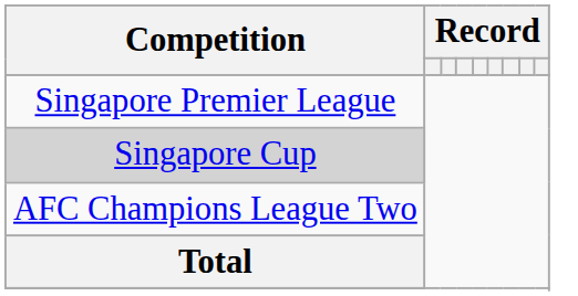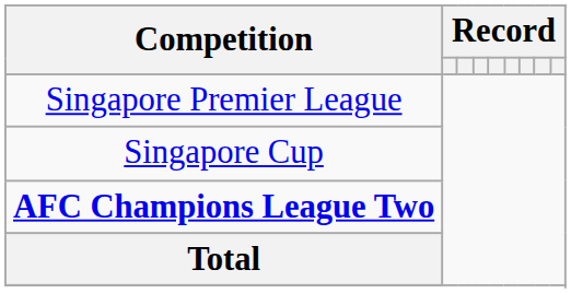 <table class="wikitable" style="text-align: center">
 <tr>
 <th rowspan=2>Competition</th>
 <th colspan=8>Record</th>
 </tr>
 <tr>
 <th></th>
 <th></th>
 <th></th>
 <th></th>
 <th></th>
 <th></th>
 <th></th>
 <th></th>
 </tr>
 <tr>
 <td><a href='#'>Singapore Premier League</a><br></td>
 </tr>
 <tr>
-<td style="background: lightgrey;"><a href='#'>Singapore Cup</a><br></td>
+<td><a href='#'>Singapore Cup</a><br></td>
 </tr>
 <tr>
-<td><a href='#'>AFC Champions League Two</a><br></td>
+<td><strong><a href='#'>AFC Champions League Two</a><br></strong></td>
 </tr>
 <tr>
 <th>Total<br></th>
 </tr>
 <tr>
 </tr>
 </table>
